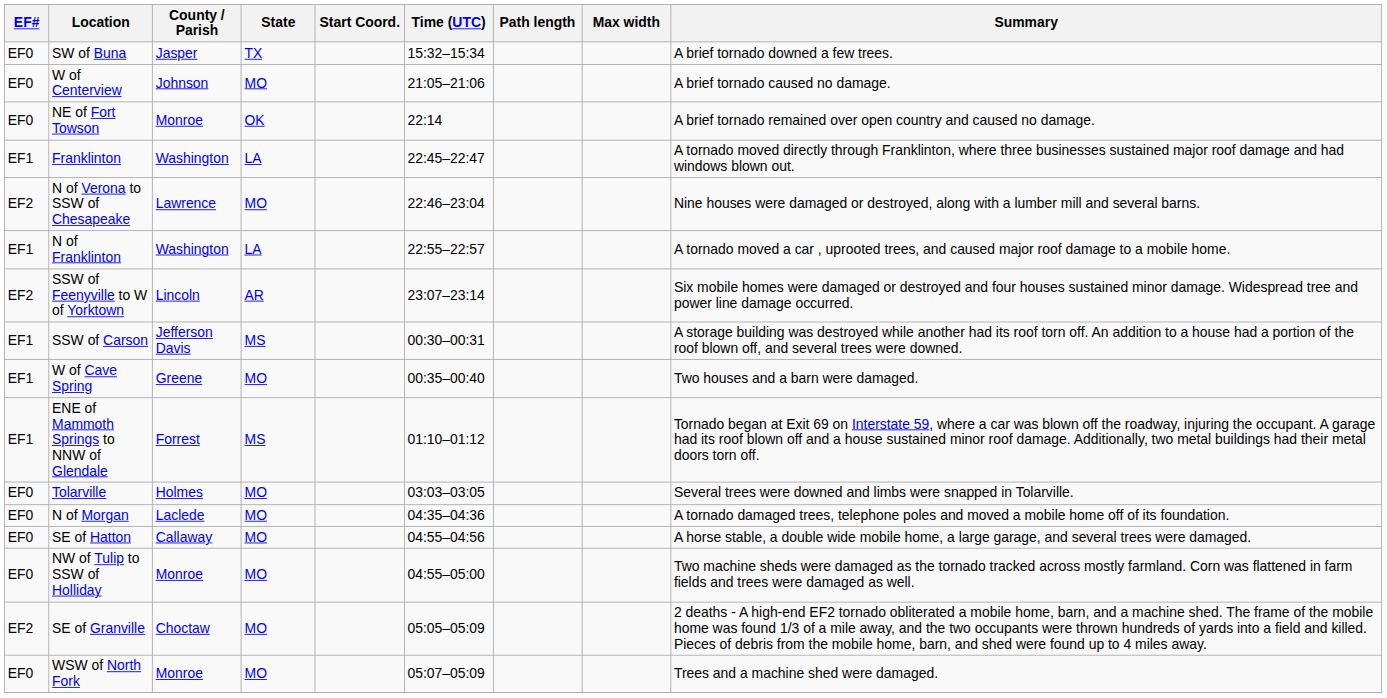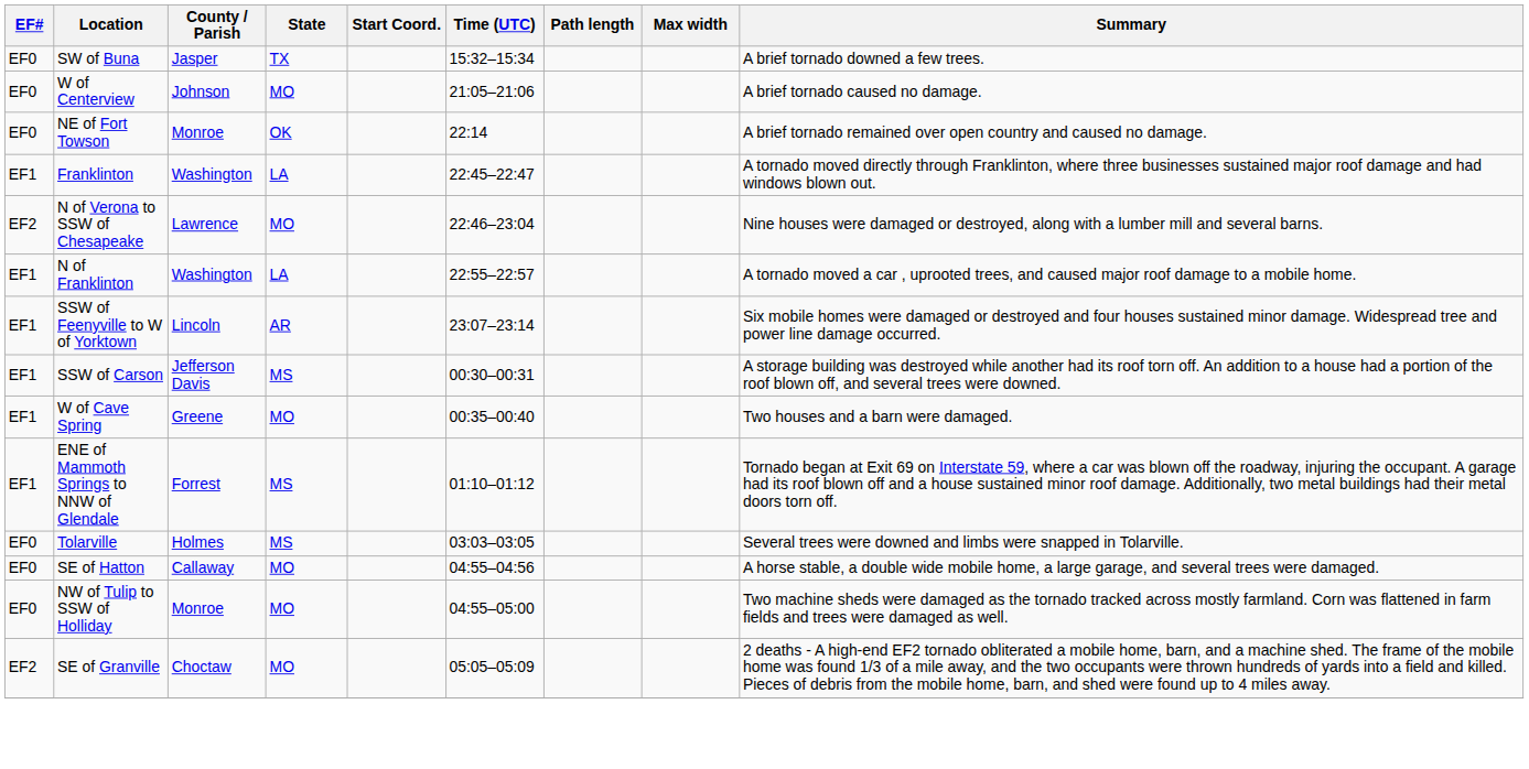 <table class="wikitable sortable" style="width:100%;">
 <tr>
 <th scope="col"  style="width:3%; text-align:center;"><a href='#'>EF#</a></th>
 <th scope="col"  style="width:7%; text-align:center;" class="unsortable">Location</th>
 <th scope="col"  style="width:6%; text-align:center;" class="unsortable">County / Parish</th>
 <th scope="col"  style="width:5%; text-align:center;">State</th>
 <th scope="col"  style="width:6%; text-align:center;">Start Coord.</th>
 <th scope="col"  style="width:6%; text-align:center;">Time (<a href='#'>UTC</a>)</th>
 <th scope="col"  style="width:6%; text-align:center;">Path length</th>
 <th scope="col"  style="width:6%; text-align:center;">Max width</th>
 <th scope="col" class="unsortable" style="width:48%; text-align:center;">Summary</th>
 </tr>
 <tr>
 <td>EF0</td>
 <td>SW of <a href='#'>Buna</a></td>
 <td><a href='#'>Jasper</a></td>
 <td><a href='#'>TX</a></td>
 <td></td>
 <td>15:32–15:34</td>
 <td></td>
 <td></td>
 <td>A brief tornado downed a few trees.</td>
 </tr>
 <tr>
 <td>EF0</td>
 <td>W of <a href='#'>Centerview</a></td>
 <td><a href='#'>Johnson</a></td>
 <td><a href='#'>MO</a></td>
 <td></td>
 <td>21:05–21:06</td>
 <td></td>
 <td></td>
 <td>A brief tornado caused no damage.</td>
 </tr>
 <tr>
 <td>EF0</td>
 <td>NE of <a href='#'>Fort Towson</a></td>
 <td><a href='#'>Monroe</a></td>
 <td><a href='#'>OK</a></td>
 <td></td>
 <td>22:14</td>
 <td></td>
 <td></td>
 <td>A brief tornado remained over open country and caused no damage.</td>
 </tr>
 <tr>
 <td>EF1</td>
 <td><a href='#'>Franklinton</a></td>
 <td><a href='#'>Washington</a></td>
 <td><a href='#'>LA</a></td>
 <td></td>
 <td>22:45–22:47</td>
 <td></td>
 <td></td>
 <td>A tornado moved directly through Franklinton, where three businesses sustained major roof damage and had windows blown out.</td>
 </tr>
 <tr>
 <td>EF2</td>
 <td>N of <a href='#'>Verona</a> to SSW of <a href='#'>Chesapeake</a></td>
 <td><a href='#'>Lawrence</a></td>
 <td><a href='#'>MO</a></td>
 <td></td>
 <td>22:46–23:04</td>
 <td></td>
 <td></td>
 <td>Nine houses were damaged or destroyed, along with a lumber mill and several barns.</td>
 </tr>
 <tr>
 <td>EF1</td>
 <td>N of <a href='#'>Franklinton</a></td>
 <td><a href='#'>Washington</a></td>
 <td><a href='#'>LA</a></td>
 <td></td>
 <td>22:55–22:57</td>
 <td></td>
 <td></td>
 <td>A tornado moved a car , uprooted trees, and caused major roof damage to a mobile home.</td>
 </tr>
 <tr>
-<td>EF2</td>
+<td>EF1</td>
 <td>SSW of <a href='#'>Feenyville</a> to W of <a href='#'>Yorktown</a></td>
 <td><a href='#'>Lincoln</a></td>
 <td><a href='#'>AR</a></td>
 <td></td>
 <td>23:07–23:14</td>
 <td></td>
 <td></td>
 <td>Six mobile homes were damaged or destroyed and four houses sustained minor damage. Widespread tree and power line damage occurred.</td>
 </tr>
 <tr>
 <td>EF1</td>
 <td>SSW of <a href='#'>Carson</a></td>
 <td><a href='#'>Jefferson Davis</a></td>
 <td><a href='#'>MS</a></td>
 <td></td>
 <td>00:30–00:31</td>
 <td></td>
 <td></td>
 <td>A storage building was destroyed while another had its roof torn off. An addition to a house had a portion of the roof blown off, and several trees were downed.</td>
 </tr>
 <tr>
 <td>EF1</td>
 <td>W of <a href='#'>Cave Spring</a></td>
 <td><a href='#'>Greene</a></td>
 <td><a href='#'>MO</a></td>
 <td></td>
 <td>00:35–00:40</td>
 <td></td>
 <td></td>
 <td>Two houses and a barn were damaged.</td>
 </tr>
 <tr>
 <td>EF1</td>
 <td>ENE of <a href='#'>Mammoth Springs</a> to NNW of <a href='#'>Glendale</a></td>
 <td><a href='#'>Forrest</a></td>
 <td><a href='#'>MS</a></td>
 <td></td>
 <td>01:10–01:12</td>
 <td></td>
 <td></td>
 <td>Tornado began at Exit 69 on <a href='#'>Interstate 59</a>, where a car was blown off the roadway, injuring the occupant. A garage had its roof blown off and a house sustained minor roof damage. Additionally, two metal buildings had their metal doors torn off.</td>
 </tr>
 <tr>
 <td>EF0</td>
 <td><a href='#'>Tolarville</a></td>
 <td><a href='#'>Holmes</a></td>
-<td><a href='#'>MO</a></td>
+<td><a href='#'>MS</a></td>
 <td></td>
 <td>03:03–03:05</td>
 <td></td>
 <td></td>
 <td>Several trees were downed and limbs were snapped in Tolarville.</td>
-</tr>
-<tr>
-<td>EF0</td>
-<td>N of <a href='#'>Morgan</a></td>
-<td><a href='#'>Laclede</a></td>
-<td><a href='#'>MO</a></td>
-<td></td>
-<td>04:35–04:36</td>
-<td></td>
-<td></td>
-<td>A tornado damaged trees, telephone poles and moved a mobile home off of its foundation.</td>
 </tr>
 <tr>
 <td>EF0</td>
 <td>SE of <a href='#'>Hatton</a></td>
 <td><a href='#'>Callaway</a></td>
 <td><a href='#'>MO</a></td>
 <td></td>
 <td>04:55–04:56</td>
 <td></td>
 <td></td>
 <td>A horse stable, a double wide mobile home, a large garage, and several trees were damaged.</td>
 </tr>
 <tr>
 <td>EF0</td>
 <td>NW of <a href='#'>Tulip</a> to SSW of <a href='#'>Holliday</a></td>
 <td><a href='#'>Monroe</a></td>
 <td><a href='#'>MO</a></td>
 <td></td>
 <td>04:55–05:00</td>
 <td></td>
 <td></td>
 <td>Two machine sheds were damaged as the tornado tracked across mostly farmland. Corn was flattened in farm fields and trees were damaged as well.</td>
 </tr>
 <tr>
 <td>EF2</td>
 <td>SE of <a href='#'>Granville</a></td>
 <td><a href='#'>Choctaw</a></td>
 <td><a href='#'>MO</a></td>
 <td></td>
 <td>05:05–05:09</td>
 <td></td>
 <td></td>
 <td>2 deaths - A high-end EF2 tornado obliterated a mobile home, barn, and a machine shed. The frame of the mobile home was found 1/3 of a mile away, and the two occupants were thrown hundreds of yards into a field and killed. Pieces of debris from the mobile home, barn, and shed were found up to 4 miles away.</td>
 </tr>
 <tr>
-<td>EF0</td>
-<td>WSW of <a href='#'>North Fork</a></td>
-<td><a href='#'>Monroe</a></td>
-<td><a href='#'>MO</a></td>
-<td></td>
-<td>05:07–05:09</td>
-<td></td>
-<td></td>
-<td>Trees and a machine shed were damaged.</td>
-</tr>
-<tr>
 </tr>
 </table>
